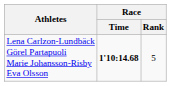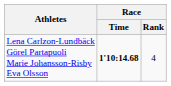 <table class="wikitable" border="1" style="font-size:90%">
 <tr>
 <th rowspan=2>Athletes</th>
 <th colspan=2>Race</th>
 </tr>
 <tr>
 <th>Time</th>
 <th>Rank</th>
 </tr>
 <tr>
 <td><a href='#'>Lena Carlzon-Lundbäck</a><br><a href='#'>Görel Partapuoli</a><br><a href='#'>Marie Johansson-Risby</a><br><a href='#'>Eva Olsson</a></td>
 <td align=center><strong>1'10:14.68</strong></td>
-<td align=center>5</td>
+<td align=center>4</td>
 </tr>
 </table>
